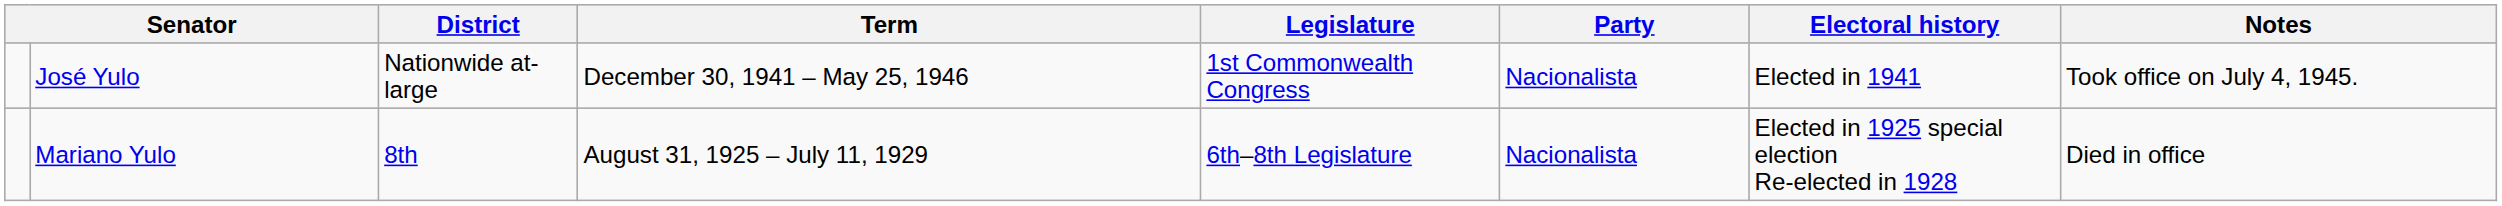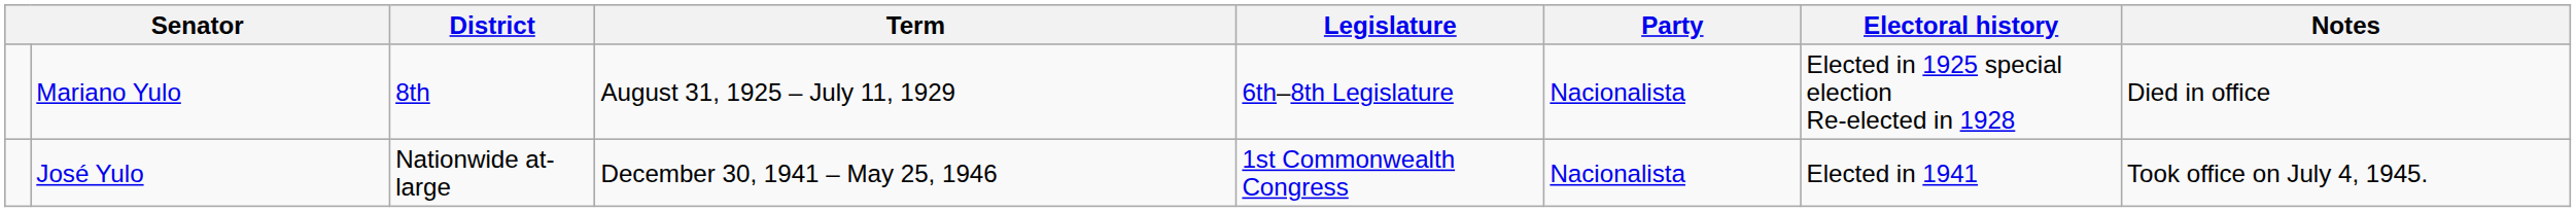 <table class="wikitable" style="font-size:95%" width=99%>
 <tr>
 <th colspan="2" width="15%">Senator</th>
 <th width="8%"><a href='#'>District</a></th>
 <th width="25%">Term</th>
 <th width="12%"><a href='#'>Legislature</a></th>
 <th width="10%"><a href='#'>Party</a></th>
 <th width="12.5%"><a href='#'>Electoral history</a></th>
 <th width="17.5%">Notes</th>
 </tr>
 <tr>
+<td style="background-color:"></td>
+<td><a href='#'>Mariano Yulo</a></td>
+<td><a href='#'>8th</a></td>
+<td>August 31, 1925 – July 11, 1929</td>
+<td><a href='#'>6th</a>–<a href='#'>8th Legislature</a></td>
+<td><a href='#'>Nacionalista</a></td>
+<td>Elected in <a href='#'>1925</a> special election<br>Re-elected in <a href='#'>1928</a></td>
+<td>Died in office</td>
+</tr>
+<tr>
 <td width=1% style="background-color:"></td>
 <td><a href='#'>José Yulo</a></td>
 <td>Nationwide at-large</td>
 <td>December 30, 1941 – May 25, 1946</td>
 <td><a href='#'>1st Commonwealth Congress</a></td>
 <td><a href='#'>Nacionalista</a></td>
 <td>Elected in <a href='#'>1941</a></td>
 <td>Took office on July 4, 1945.</td>
 </tr>
-<tr>
-<td style="background-color:"></td>
-<td><a href='#'>Mariano Yulo</a></td>
-<td><a href='#'>8th</a></td>
-<td>August 31, 1925 – July 11, 1929</td>
-<td><a href='#'>6th</a>–<a href='#'>8th Legislature</a></td>
-<td><a href='#'>Nacionalista</a></td>
-<td>Elected in <a href='#'>1925</a> special election<br>Re-elected in <a href='#'>1928</a></td>
-<td>Died in office</td>
-</tr>
 </table>
